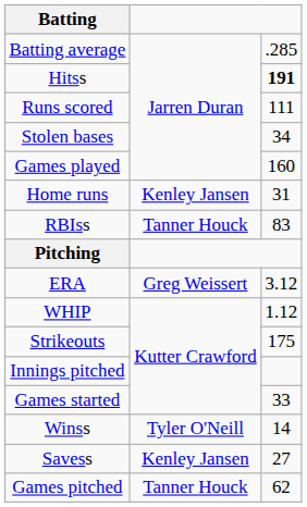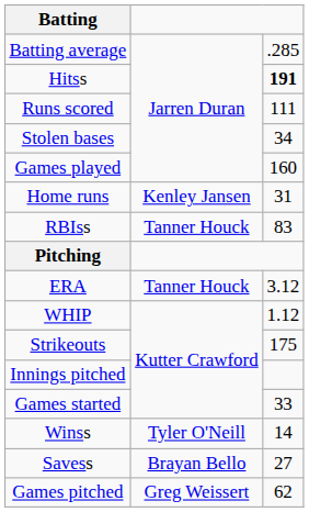 <table class="wikitable" style="text-align:center; font-size: 100%;">
 <tr>
 <th>Batting</th>
 </tr>
 <tr>
 <td><a href='#'>Batting average</a></td>
 <td rowspan=5><a href='#'>Jarren Duran</a></td>
 <td>.285</td>
 </tr>
 <tr>
 <td><a href='#'>Hits</a>s</td>
 <td><strong>191</strong></td>
 </tr>
 <tr>
 <td><a href='#'>Runs scored</a></td>
 <td>111</td>
 </tr>
 <tr>
 <td><a href='#'>Stolen bases</a></td>
 <td>34</td>
 </tr>
 <tr>
 <td><a href='#'>Games played</a></td>
 <td>160</td>
 </tr>
 <tr>
 <td><a href='#'>Home runs</a></td>
 <td><a href='#'>Kenley Jansen</a></td>
 <td>31</td>
 </tr>
 <tr>
 <td><a href='#'>RBIs</a>s</td>
 <td><a href='#'>Tanner Houck</a></td>
 <td>83</td>
 </tr>
 <tr>
 <th>Pitching</th>
 </tr>
 <tr>
 <td><a href='#'>ERA</a></td>
-<td><a href='#'>Greg Weissert</a></td>
+<td><a href='#'>Tanner Houck</a></td>
 <td>3.12</td>
 </tr>
 <tr>
 <td><a href='#'>WHIP</a></td>
 <td rowspan=4><a href='#'>Kutter Crawford</a></td>
 <td>1.12</td>
 </tr>
 <tr>
 <td><a href='#'>Strikeouts</a></td>
 <td>175</td>
 </tr>
 <tr>
 <td><a href='#'>Innings pitched</a></td>
 <td></td>
 </tr>
 <tr>
 <td><a href='#'>Games started</a></td>
 <td>33</td>
 </tr>
 <tr>
 <td><a href='#'>Wins</a>s</td>
 <td><a href='#'>Tyler O'Neill</a></td>
 <td>14</td>
 </tr>
 <tr>
 <td><a href='#'>Saves</a>s</td>
-<td><a href='#'>Kenley Jansen</a></td>
+<td><a href='#'>Brayan Bello</a></td>
 <td>27</td>
 </tr>
 <tr>
 <td><a href='#'>Games pitched</a></td>
-<td><a href='#'>Tanner Houck</a></td>
+<td><a href='#'>Greg Weissert</a></td>
 <td>62</td>
 </tr>
 </table>
